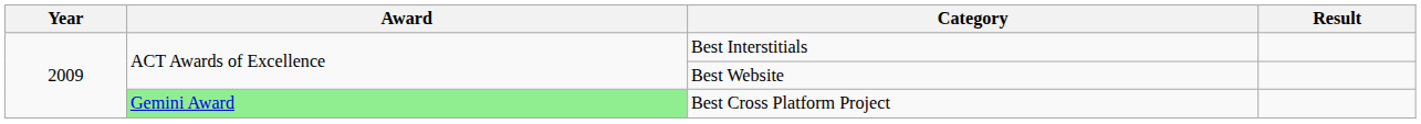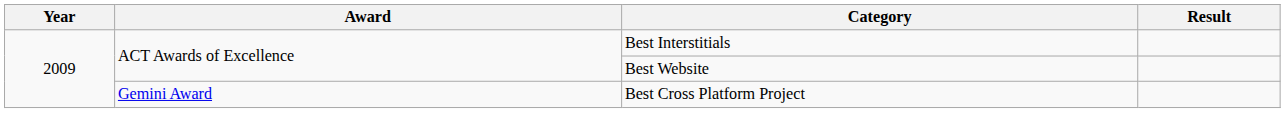 <table class="wikitable sortable plainrowheaders" style="width:100%;">
 <tr>
 <th scope="col">Year</th>
 <th scope="col">Award</th>
 <th scope="col">Category</th>
 <th scope="col">Result</th>
 </tr>
 <tr>
 <td rowspan="3" scope="row" style="text-align:center;">2009</td>
 <td rowspan="2">ACT Awards of Excellence</td>
 <td>Best Interstitials</td>
 <td></td>
 </tr>
 <tr>
 <td scope="row">Best Website</td>
 <td></td>
 </tr>
 <tr>
-<td style="background: lightgreen;"><a href='#'>Gemini Award</a></td>
+<td><a href='#'>Gemini Award</a></td>
 <td>Best Cross Platform Project</td>
 <td></td>
 </tr>
 </table>
